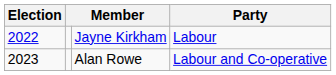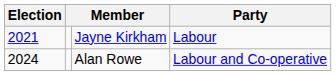 <table class="wikitable">
 <tr>
 <th>Election</th>
 <th colspan="2">Member</th>
 <th>Party</th>
 </tr>
 <tr>
-<td><a href='#'>2022</a></td>
+<td><a href='#'>2021</a></td>
 <td rowspan="1" style="background-color: "></td>
 <td rowspan="1"><a href='#'>Jayne Kirkham</a></td>
 <td rowspan="1"><a href='#'>Labour</a></td>
 </tr>
 <tr>
-<td>2023</td>
+<td>2024</td>
 <td rowspan="1" style="background-color: "></td>
 <td rowspan="1">Alan Rowe</td>
 <td rowspan="1"><a href='#'>Labour and Co-operative</a></td>
 </tr>
 </table>
